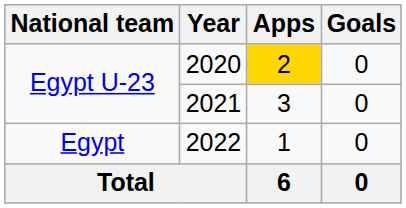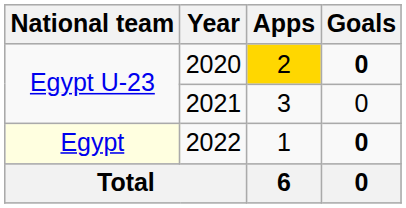 <table class = "wikitable" style = "text-align:center">
 <tr>
 <th>National team</th>
 <th>Year</th>
 <th>Apps</th>
 <th>Goals</th>
 </tr>
 <tr>
 <td rowspan="2"><a href='#'>Egypt U-23</a></td>
 <td>2020</td>
 <td style="background: gold;">2</td>
-<td>0</td>
+<td><strong>0</strong></td>
 </tr>
 <tr>
 <td>2021</td>
 <td>3</td>
 <td>0</td>
 </tr>
 <tr>
-<td><a href='#'>Egypt</a></td>
+<td style="background: lightyellow;"><a href='#'>Egypt</a></td>
 <td>2022</td>
 <td>1</td>
-<td>0</td>
+<td><strong>0</strong></td>
 </tr>
 <tr>
 <th colspan="2">Total</th>
 <th>6</th>
 <th>0</th>
 </tr>
 </table>
